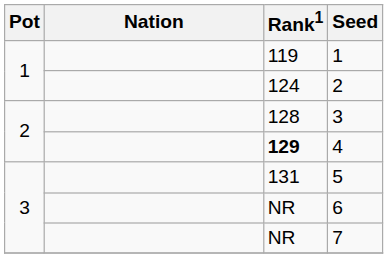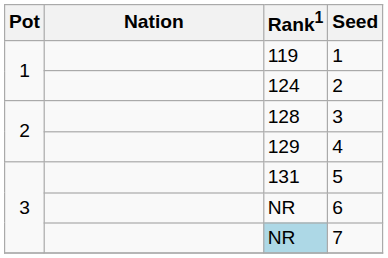 <table class="wikitable">
 <tr>
 <th>Pot</th>
 <th width="175">Nation</th>
 <th>Rank<sup>1</sup></th>
 <th>Seed</th>
 </tr>
 <tr>
 <td rowspan=2 style="text-align:center;">1</td>
 <td></td>
 <td>119</td>
 <td>1</td>
 </tr>
 <tr>
 <td></td>
 <td>124</td>
 <td>2</td>
 </tr>
 <tr>
 <td rowspan=2 style="text-align:center;">2</td>
 <td></td>
 <td>128</td>
 <td>3</td>
 </tr>
 <tr>
 <td></td>
-<td><strong>129</strong></td>
+<td>129</td>
 <td>4</td>
 </tr>
 <tr>
 <td rowspan=3 style="text-align:center;">3</td>
 <td></td>
 <td>131</td>
 <td>5</td>
 </tr>
 <tr>
 <td></td>
 <td>NR</td>
 <td>6</td>
 </tr>
 <tr>
 <td></td>
-<td>NR</td>
+<td style="background: lightblue;">NR</td>
 <td>7</td>
 </tr>
 <tr>
 </tr>
 </table>
